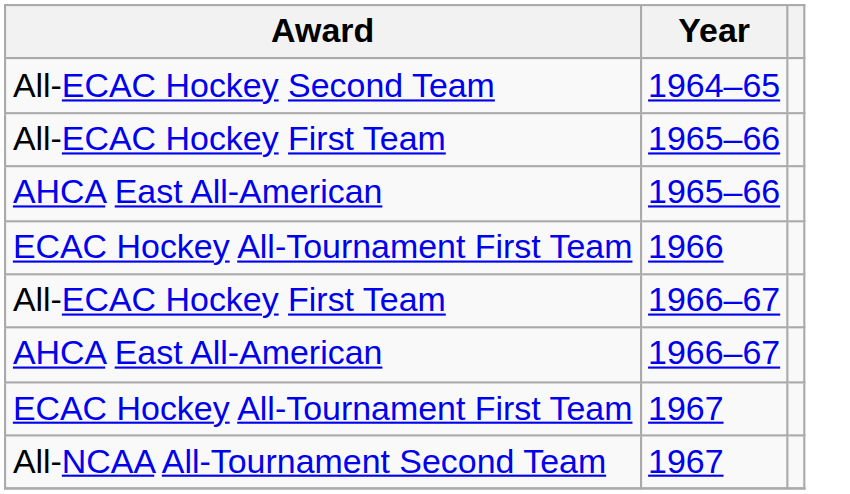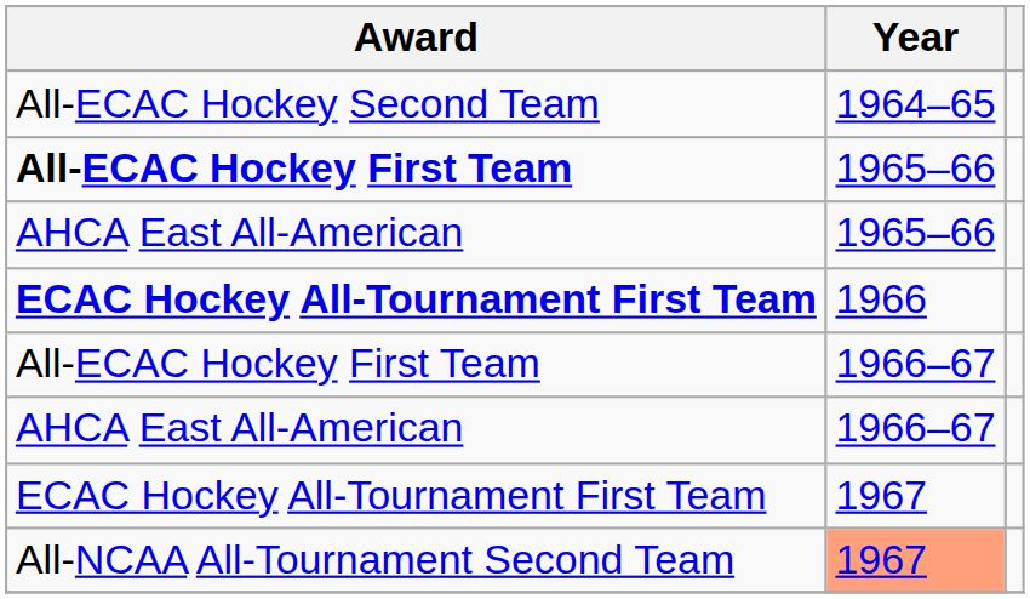 <table class="wikitable">
 <tr>
 <th>Award</th>
 <th>Year</th>
 <th></th>
 </tr>
 <tr>
 <td>All-<a href='#'>ECAC Hockey</a> <a href='#'>Second Team</a></td>
 <td><a href='#'>1964–65</a></td>
 <td></td>
 </tr>
 <tr>
-<td>All-<a href='#'>ECAC Hockey</a> <a href='#'>First Team</a></td>
+<td><strong>All-<a href='#'>ECAC Hockey</a> <a href='#'>First Team</a></strong></td>
 <td><a href='#'>1965–66</a></td>
 <td></td>
 </tr>
 <tr>
 <td><a href='#'>AHCA</a> <a href='#'>East All-American</a></td>
 <td><a href='#'>1965–66</a></td>
 <td></td>
 </tr>
 <tr>
-<td><a href='#'>ECAC Hockey</a> <a href='#'>All-Tournament First Team</a></td>
+<td><strong><a href='#'>ECAC Hockey</a> <a href='#'>All-Tournament First Team</a></strong></td>
 <td><a href='#'>1966</a></td>
 <td></td>
 </tr>
 <tr>
 <td>All-<a href='#'>ECAC Hockey</a> <a href='#'>First Team</a></td>
 <td><a href='#'>1966–67</a></td>
 <td></td>
 </tr>
 <tr>
 <td><a href='#'>AHCA</a> <a href='#'>East All-American</a></td>
 <td><a href='#'>1966–67</a></td>
 <td></td>
 </tr>
 <tr>
 <td><a href='#'>ECAC Hockey</a> <a href='#'>All-Tournament First Team</a></td>
 <td><a href='#'>1967</a></td>
 <td></td>
 </tr>
 <tr>
 <td>All-<a href='#'>NCAA</a> <a href='#'>All-Tournament Second Team</a></td>
-<td><a href='#'>1967</a></td>
+<td style="background: lightsalmon;"><a href='#'>1967</a></td>
 <td></td>
 </tr>
 <tr>
 </tr>
 </table>
